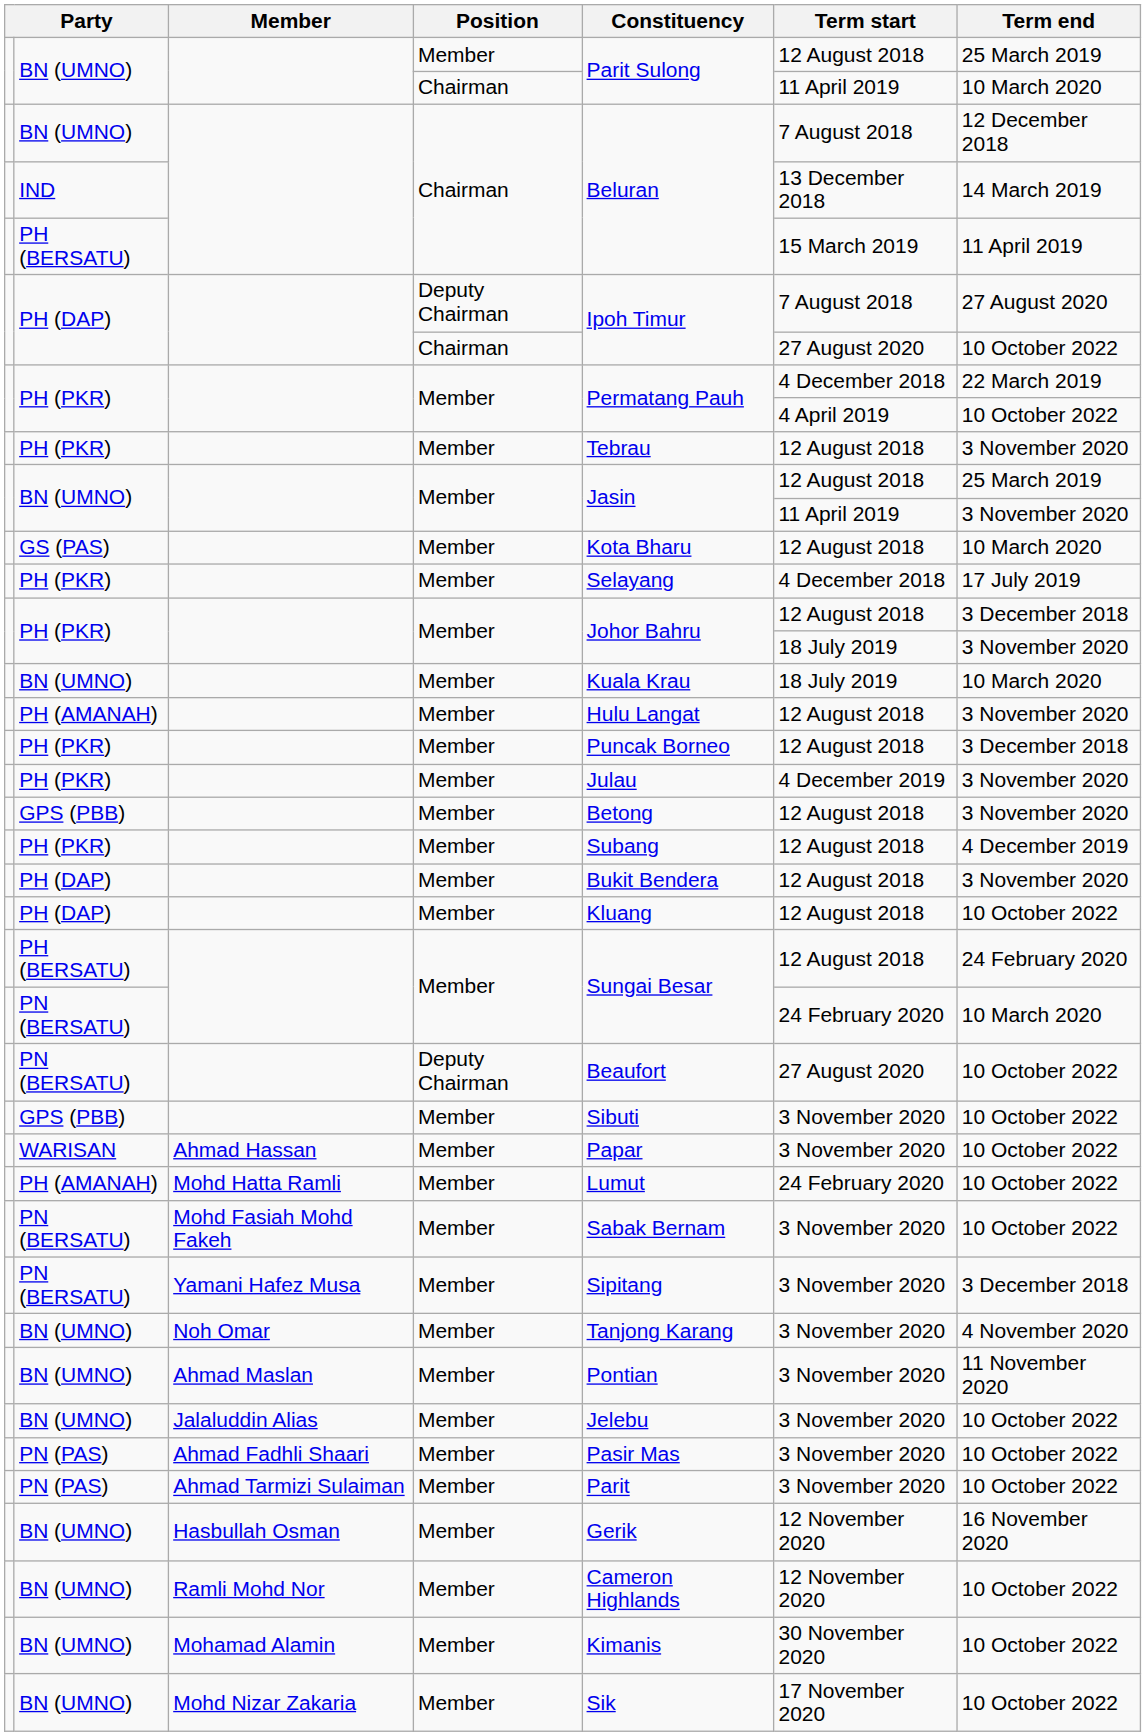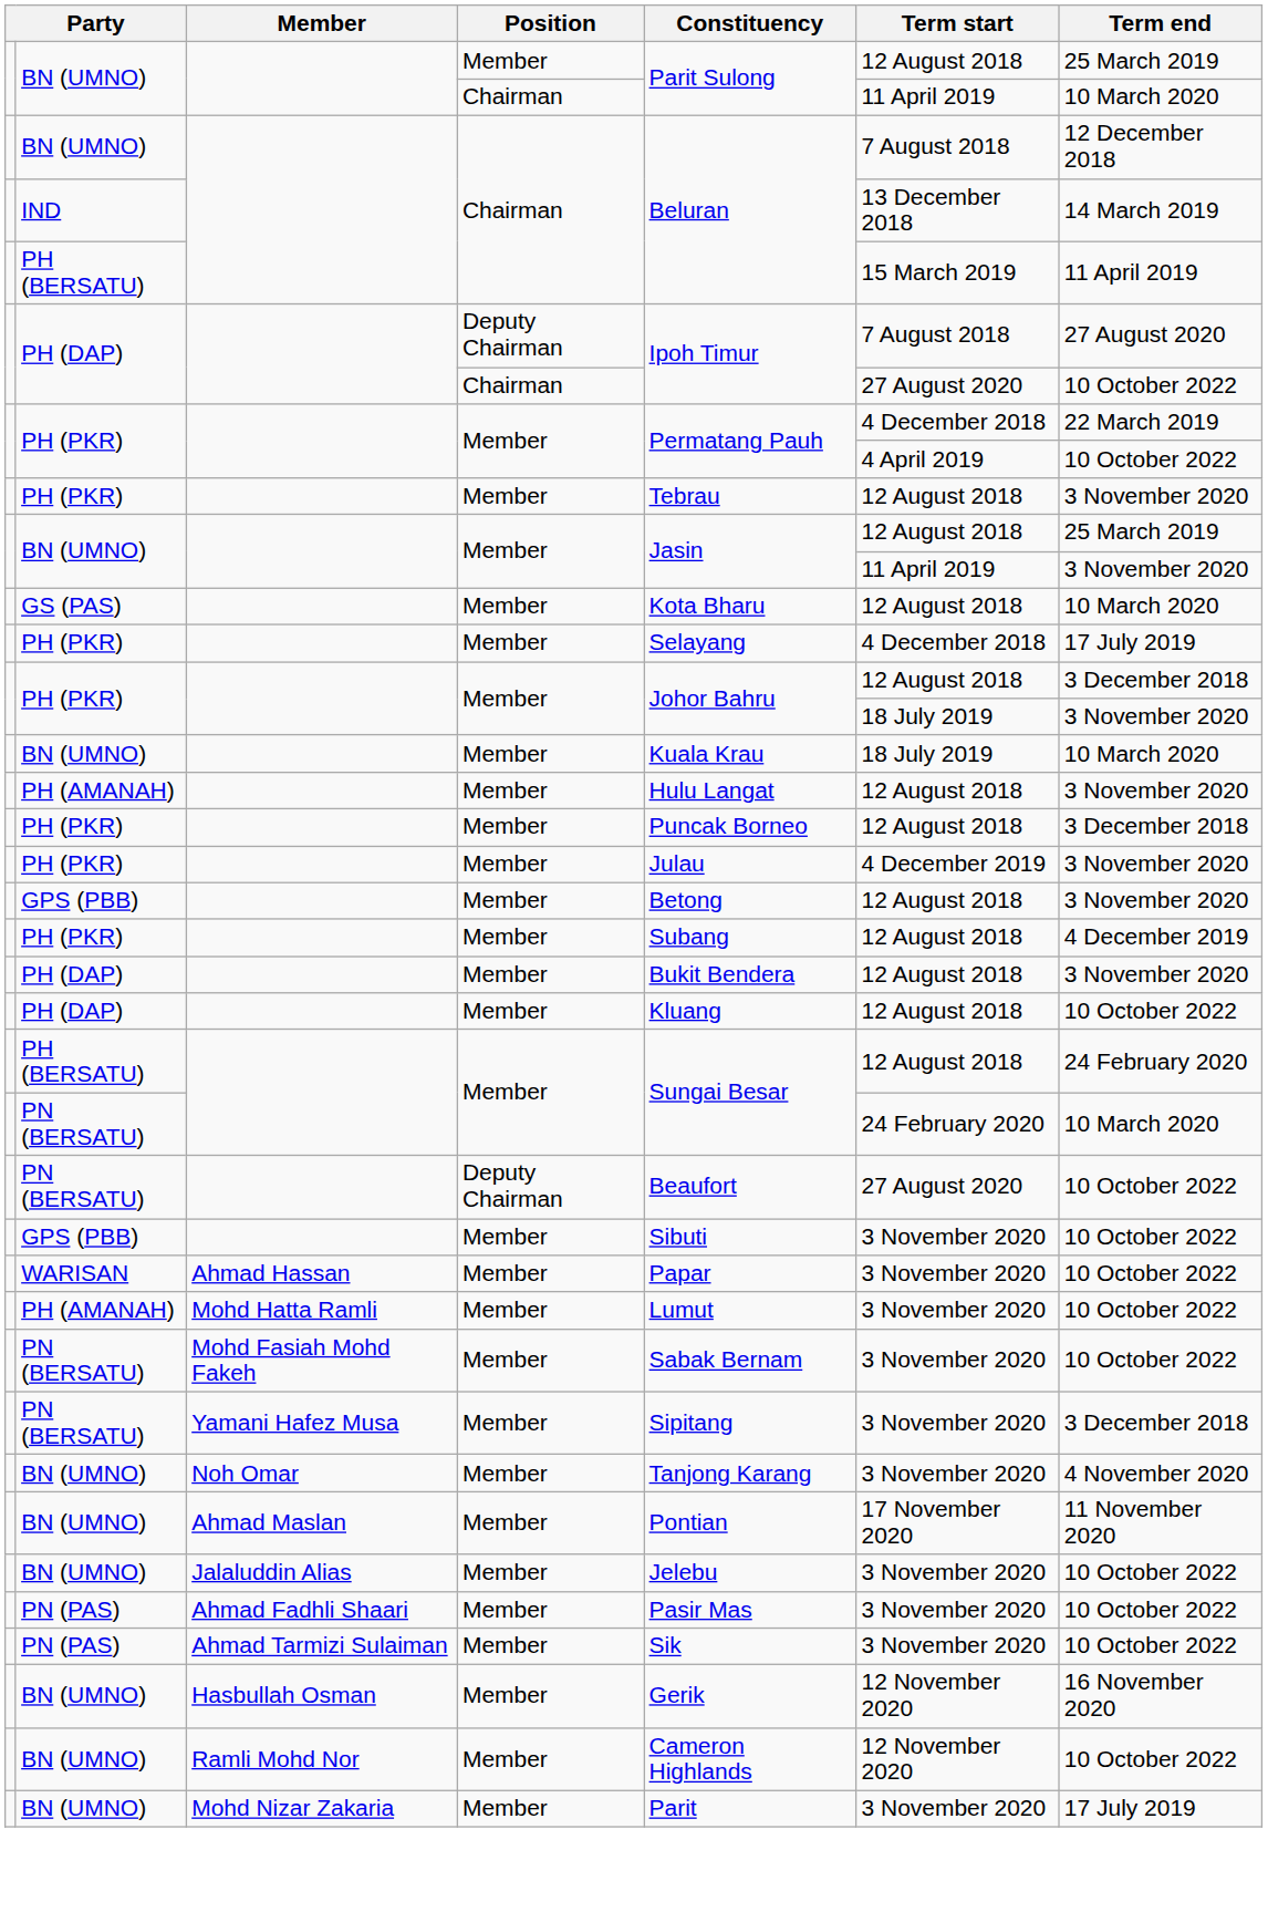 <table class="sortable wikitable">
 <tr>
 <th colspan=2>Party</th>
 <th>Member</th>
 <th>Position</th>
 <th>Constituency</th>
 <th>Term start</th>
 <th>Term end</th>
 </tr>
 <tr>
 <td rowspan="2" ></td>
 <td rowspan="2"><a href='#'>BN</a> (<a href='#'>UMNO</a>)</td>
 <td rowspan="2"></td>
 <td>Member</td>
 <td rowspan="2"><a href='#'>Parit Sulong</a></td>
 <td>12 August 2018</td>
 <td>25 March 2019</td>
 </tr>
 <tr>
 <td>Chairman</td>
 <td>11 April 2019</td>
 <td>10 March 2020</td>
 </tr>
 <tr>
 <td></td>
 <td><a href='#'>BN</a> (<a href='#'>UMNO</a>)</td>
 <td rowspan="3"></td>
 <td rowspan="3">Chairman</td>
 <td rowspan="3"><a href='#'>Beluran</a></td>
 <td>7 August 2018</td>
 <td>12 December 2018</td>
 </tr>
 <tr>
 <td></td>
 <td><a href='#'>IND</a></td>
 <td>13 December 2018</td>
 <td>14 March 2019</td>
 </tr>
 <tr>
 <td></td>
 <td><a href='#'>PH</a> (<a href='#'>BERSATU</a>)</td>
 <td>15 March 2019</td>
 <td>11 April 2019</td>
 </tr>
 <tr>
 <td rowspan="2" ></td>
 <td rowspan="2"><a href='#'>PH</a> (<a href='#'>DAP</a>)</td>
 <td rowspan = "2"></td>
 <td>Deputy Chairman</td>
 <td rowspan="2"><a href='#'>Ipoh Timur</a></td>
 <td>7 August 2018</td>
 <td>27 August 2020</td>
 </tr>
 <tr>
 <td>Chairman</td>
 <td>27 August 2020</td>
 <td>10 October 2022</td>
 </tr>
 <tr>
 <td rowspan="2" ></td>
 <td rowspan="2"><a href='#'>PH</a> (<a href='#'>PKR</a>)</td>
 <td rowspan="2"></td>
 <td rowspan="2">Member</td>
 <td rowspan="2"><a href='#'>Permatang Pauh</a></td>
 <td>4 December 2018</td>
 <td>22 March 2019</td>
 </tr>
 <tr>
 <td>4 April 2019</td>
 <td>10 October 2022</td>
 </tr>
 <tr>
 <td></td>
 <td><a href='#'>PH</a> (<a href='#'>PKR</a>)</td>
 <td></td>
 <td>Member</td>
 <td><a href='#'>Tebrau</a></td>
 <td>12 August 2018</td>
 <td>3 November 2020</td>
 </tr>
 <tr>
 <td rowspan="2" ></td>
 <td rowspan="2"><a href='#'>BN</a> (<a href='#'>UMNO</a>)</td>
 <td rowspan="2"></td>
 <td rowspan="2">Member</td>
 <td rowspan="2"><a href='#'>Jasin</a></td>
 <td>12 August 2018</td>
 <td>25 March 2019</td>
 </tr>
 <tr>
 <td>11 April 2019</td>
 <td>3 November 2020</td>
 </tr>
 <tr>
 <td></td>
 <td><a href='#'>GS</a> (<a href='#'>PAS</a>)</td>
 <td></td>
 <td>Member</td>
 <td><a href='#'>Kota Bharu</a></td>
 <td>12 August 2018</td>
 <td>10 March 2020 </td>
 </tr>
 <tr>
 <td></td>
 <td><a href='#'>PH</a> (<a href='#'>PKR</a>)</td>
 <td></td>
 <td>Member</td>
 <td><a href='#'>Selayang</a></td>
 <td>4 December 2018</td>
 <td>17 July 2019</td>
 </tr>
 <tr>
 <td rowspan="2" ></td>
 <td rowspan="2"><a href='#'>PH</a> (<a href='#'>PKR</a>)</td>
 <td rowspan="2"></td>
 <td rowspan="2">Member</td>
 <td rowspan="2"><a href='#'>Johor Bahru</a></td>
 <td>12 August 2018</td>
 <td>3 December 2018</td>
 </tr>
 <tr>
 <td>18 July 2019</td>
 <td>3 November 2020</td>
 </tr>
 <tr>
 <td></td>
 <td><a href='#'>BN</a> (<a href='#'>UMNO</a>)</td>
 <td></td>
 <td>Member</td>
 <td><a href='#'>Kuala Krau</a></td>
 <td>18 July 2019</td>
 <td>10 March 2020</td>
 </tr>
 <tr>
 <td></td>
 <td><a href='#'>PH</a> (<a href='#'>AMANAH</a>)</td>
 <td></td>
 <td>Member</td>
 <td><a href='#'>Hulu Langat</a></td>
 <td>12 August 2018</td>
 <td>3 November 2020</td>
 </tr>
 <tr>
 <td></td>
 <td><a href='#'>PH</a> (<a href='#'>PKR</a>)</td>
 <td></td>
 <td>Member</td>
 <td><a href='#'>Puncak Borneo</a></td>
 <td>12 August 2018</td>
 <td>3 December 2018</td>
 </tr>
 <tr>
 <td></td>
 <td><a href='#'>PH</a> (<a href='#'>PKR</a>)</td>
 <td></td>
 <td>Member</td>
 <td><a href='#'>Julau</a></td>
 <td>4 December 2019</td>
 <td>3 November 2020</td>
 </tr>
 <tr>
 <td></td>
 <td><a href='#'>GPS</a> (<a href='#'>PBB</a>)</td>
 <td></td>
 <td>Member</td>
 <td><a href='#'>Betong</a></td>
 <td>12 August 2018</td>
 <td>3 November 2020</td>
 </tr>
 <tr>
 <td></td>
 <td><a href='#'>PH</a> (<a href='#'>PKR</a>)</td>
 <td></td>
 <td>Member</td>
 <td><a href='#'>Subang</a></td>
 <td>12 August 2018</td>
 <td>4 December 2019</td>
 </tr>
 <tr>
 <td></td>
 <td><a href='#'>PH</a> (<a href='#'>DAP</a>)</td>
 <td></td>
 <td>Member</td>
 <td><a href='#'>Bukit Bendera</a></td>
 <td>12 August 2018</td>
 <td>3 November 2020</td>
 </tr>
 <tr>
 <td></td>
 <td><a href='#'>PH</a> (<a href='#'>DAP</a>)</td>
 <td></td>
 <td>Member</td>
 <td><a href='#'>Kluang</a></td>
 <td>12 August 2018</td>
 <td>10 October 2022</td>
 </tr>
 <tr>
 <td></td>
 <td><a href='#'>PH</a> (<a href='#'>BERSATU</a>)</td>
 <td rowspan ="2"></td>
 <td rowspan="2">Member</td>
 <td rowspan="2"><a href='#'>Sungai Besar</a></td>
 <td>12 August 2018</td>
 <td>24 February 2020</td>
 </tr>
 <tr>
 <td></td>
 <td><a href='#'>PN</a> (<a href='#'>BERSATU</a>)</td>
 <td>24 February 2020</td>
 <td>10 March 2020</td>
 </tr>
 <tr>
 <td></td>
 <td><a href='#'>PN</a> (<a href='#'>BERSATU</a>)</td>
 <td></td>
 <td>Deputy Chairman</td>
 <td><a href='#'>Beaufort</a></td>
 <td>27 August 2020</td>
 <td>10 October 2022</td>
 </tr>
 <tr>
 <td></td>
 <td><a href='#'>GPS</a> (<a href='#'>PBB</a>)</td>
 <td><br></td>
 <td>Member</td>
 <td><a href='#'>Sibuti</a></td>
 <td>3 November 2020</td>
 <td>10 October 2022</td>
 </tr>
 <tr>
 <td></td>
 <td><a href='#'>WARISAN</a></td>
 <td><a href='#'>Ahmad Hassan</a></td>
 <td>Member</td>
 <td><a href='#'>Papar</a></td>
 <td>3 November 2020</td>
 <td>10 October 2022</td>
 </tr>
 <tr>
 <td></td>
 <td><a href='#'>PH</a> (<a href='#'>AMANAH</a>)</td>
 <td><a href='#'>Mohd Hatta Ramli</a></td>
 <td>Member</td>
 <td><a href='#'>Lumut</a></td>
-<td>24 February 2020</td>
+<td>3 November 2020</td>
 <td>10 October 2022</td>
 </tr>
 <tr>
 <td></td>
 <td><a href='#'>PN</a> (<a href='#'>BERSATU</a>)</td>
 <td><a href='#'>Mohd Fasiah Mohd Fakeh</a></td>
 <td>Member</td>
 <td><a href='#'>Sabak Bernam</a></td>
 <td>3 November 2020</td>
 <td>10 October 2022</td>
 </tr>
 <tr>
 <td></td>
 <td><a href='#'>PN</a> (<a href='#'>BERSATU</a>)</td>
 <td><a href='#'>Yamani Hafez Musa</a></td>
 <td>Member</td>
 <td><a href='#'>Sipitang</a></td>
 <td>3 November 2020</td>
 <td>3 December 2018</td>
 </tr>
 <tr>
 <td></td>
 <td><a href='#'>BN</a> (<a href='#'>UMNO</a>)</td>
 <td><a href='#'>Noh Omar</a></td>
 <td>Member</td>
 <td><a href='#'>Tanjong Karang</a></td>
 <td>3 November 2020</td>
 <td>4 November 2020 </td>
 </tr>
 <tr>
 <td></td>
 <td><a href='#'>BN</a> (<a href='#'>UMNO</a>)</td>
 <td><a href='#'>Ahmad Maslan</a></td>
 <td>Member</td>
 <td><a href='#'>Pontian</a></td>
-<td>3 November 2020</td>
+<td>17 November 2020</td>
 <td>11 November 2020</td>
 </tr>
 <tr>
 <td></td>
 <td><a href='#'>BN</a> (<a href='#'>UMNO</a>)</td>
 <td><a href='#'>Jalaluddin Alias</a></td>
 <td>Member</td>
 <td><a href='#'>Jelebu</a></td>
 <td>3 November 2020</td>
 <td>10 October 2022</td>
 </tr>
 <tr>
 <td></td>
 <td><a href='#'>PN</a> (<a href='#'>PAS</a>)</td>
 <td><a href='#'>Ahmad Fadhli Shaari</a></td>
 <td>Member</td>
 <td><a href='#'>Pasir Mas</a></td>
 <td>3 November 2020</td>
 <td>10 October 2022</td>
 </tr>
 <tr>
 <td></td>
 <td><a href='#'>PN</a> (<a href='#'>PAS</a>)</td>
 <td><a href='#'>Ahmad Tarmizi Sulaiman</a></td>
 <td>Member</td>
-<td><a href='#'>Parit</a></td>
+<td><a href='#'>Sik</a></td>
 <td>3 November 2020</td>
 <td>10 October 2022</td>
 </tr>
 <tr>
 <td></td>
 <td><a href='#'>BN</a> (<a href='#'>UMNO</a>)</td>
 <td><a href='#'>Hasbullah Osman</a></td>
 <td>Member</td>
 <td><a href='#'>Gerik</a></td>
 <td>12 November 2020</td>
 <td>16 November 2020 </td>
 </tr>
 <tr>
 <td></td>
 <td><a href='#'>BN</a> (<a href='#'>UMNO</a>)</td>
 <td><a href='#'>Ramli Mohd Nor</a></td>
 <td>Member</td>
 <td><a href='#'>Cameron Highlands</a></td>
 <td>12 November 2020</td>
 <td>10 October 2022</td>
 </tr>
 <tr>
 <td></td>
 <td><a href='#'>BN</a> (<a href='#'>UMNO</a>)</td>
-<td><a href='#'>Mohamad Alamin</a></td>
-<td>Member</td>
-<td><a href='#'>Kimanis</a></td>
-<td>30 November 2020</td>
-<td>10 October 2022</td>
-</tr>
-<tr>
-<td></td>
-<td><a href='#'>BN</a> (<a href='#'>UMNO</a>)</td>
 <td><a href='#'>Mohd Nizar Zakaria</a></td>
 <td>Member</td>
-<td><a href='#'>Sik</a></td>
-<td>17 November 2020</td>
-<td>10 October 2022</td>
+<td><a href='#'>Parit</a></td>
+<td>3 November 2020</td>
+<td>17 July 2019</td>
 </tr>
 </table>
